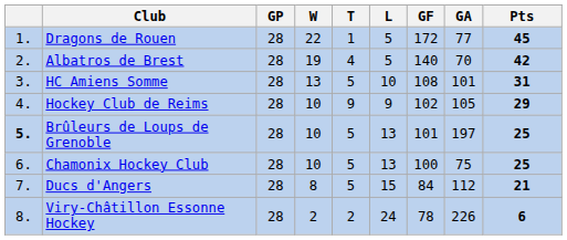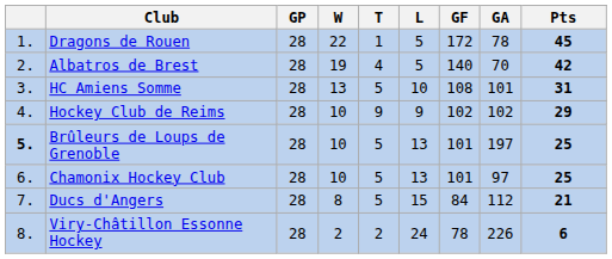 <table class="wikitable">
 <tr>
 <th width="30"></th>
 <th width="200">Club</th>
 <th width="30">GP</th>
 <th width="30">W</th>
 <th width="30">T</th>
 <th width="30">L</th>
 <th width="30">GF</th>
 <th width="30">GA</th>
 <th width="70">Pts</th>
 </tr>
 <tr bgcolor="#BCD2EE" align="center">
 <td>1.</td>
 <td align="left"><a href='#'>Dragons de Rouen</a></td>
 <td>28</td>
 <td>22</td>
 <td>1</td>
 <td>5</td>
 <td>172</td>
-<td>77</td>
+<td>78</td>
 <td><strong>45</strong></td>
 </tr>
 <tr bgcolor="#BCD2EE" align="center">
 <td>2.</td>
 <td align="left"><a href='#'>Albatros de Brest</a></td>
 <td>28</td>
 <td>19</td>
 <td>4</td>
 <td>5</td>
 <td>140</td>
 <td>70</td>
 <td><strong>42</strong></td>
 </tr>
 <tr bgcolor="#BCD2EE" align="center">
 <td>3.</td>
 <td align="left"><a href='#'>HC Amiens Somme</a></td>
 <td>28</td>
 <td>13</td>
 <td>5</td>
 <td>10</td>
 <td>108</td>
 <td>101</td>
 <td><strong>31</strong></td>
 </tr>
 <tr bgcolor="#BCD2EE" align="center">
 <td>4.</td>
 <td align="left"><a href='#'>Hockey Club de Reims</a></td>
 <td>28</td>
 <td>10</td>
 <td>9</td>
 <td>9</td>
 <td>102</td>
-<td>105</td>
+<td>102</td>
 <td><strong>29</strong></td>
 </tr>
 <tr bgcolor="#BCD2EE" align="center">
 <td><strong>5.</strong></td>
 <td align="left"><a href='#'>Brûleurs de Loups de Grenoble</a></td>
 <td>28</td>
 <td>10</td>
 <td>5</td>
 <td>13</td>
 <td>101</td>
 <td>197</td>
 <td><strong>25</strong></td>
 </tr>
 <tr bgcolor="#BCD2EE" align="center">
 <td>6.</td>
 <td align="left"><a href='#'>Chamonix Hockey Club</a></td>
 <td>28</td>
 <td>10</td>
 <td>5</td>
 <td>13</td>
-<td>100</td>
-<td>75</td>
+<td>101</td>
+<td>97</td>
 <td><strong>25</strong></td>
 </tr>
 <tr bgcolor="#BCD2EE" align="center">
 <td>7.</td>
 <td align="left"><a href='#'>Ducs d'Angers</a></td>
 <td>28</td>
 <td>8</td>
 <td>5</td>
 <td>15</td>
 <td>84</td>
 <td>112</td>
 <td><strong>21</strong></td>
 </tr>
 <tr bgcolor="#BCD2EE" align="center">
 <td>8.</td>
 <td align="left"><a href='#'>Viry-Châtillon Essonne Hockey&lrm;</a></td>
 <td>28</td>
 <td>2</td>
 <td>2</td>
 <td>24</td>
 <td>78</td>
 <td>226</td>
 <td><strong>6</strong></td>
 </tr>
 </table>
